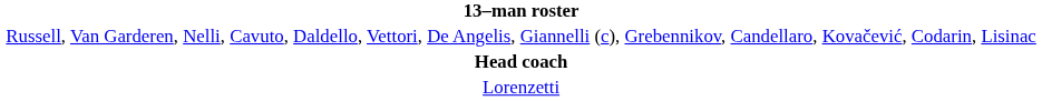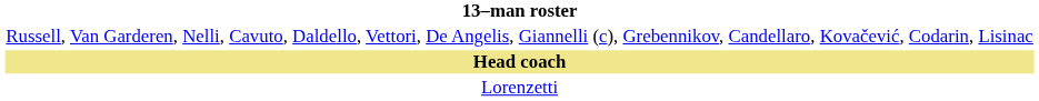 <table style="text-align:center; margin-top:2em; margin-left:auto; margin-right:auto">
 <tr>
 <td><strong>13–man roster</strong></td>
 </tr>
 <tr>
 <td><a href='#'>Russell</a>, <a href='#'>Van Garderen</a>, <a href='#'>Nelli</a>, <a href='#'>Cavuto</a>, <a href='#'>Daldello</a>, <a href='#'>Vettori</a>, <a href='#'>De Angelis</a>, <a href='#'>Giannelli</a> (<a href='#'>c</a>), <a href='#'>Grebennikov</a>, <a href='#'>Candellaro</a>, <a href='#'>Kovačević</a>, <a href='#'>Codarin</a>, <a href='#'>Lisinac</a></td>
 </tr>
 <tr>
-<td><strong>Head coach</strong></td>
+<td style="background: khaki;"><strong>Head coach</strong></td>
 </tr>
 <tr>
 <td><a href='#'>Lorenzetti</a></td>
 </tr>
 </table>
